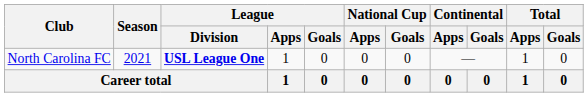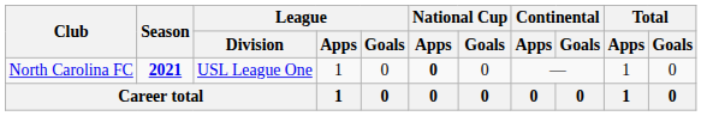 <table class=wikitable style=text-align:center>
 <tr>
 <th rowspan=2>Club</th>
 <th rowspan=2>Season</th>
 <th colspan=3>League</th>
 <th colspan=2>National Cup</th>
 <th colspan=2>Continental</th>
 <th colspan=2>Total</th>
 </tr>
 <tr>
 <th>Division</th>
 <th>Apps</th>
 <th>Goals</th>
 <th>Apps</th>
 <th>Goals</th>
 <th>Apps</th>
 <th>Goals</th>
 <th>Apps</th>
 <th>Goals</th>
 </tr>
 <tr>
 <td rowspan=1><a href='#'>North Carolina FC</a></td>
-<td><a href='#'>2021</a></td>
-<td><strong><a href='#'>USL League One</a></strong></td>
+<td><strong><a href='#'>2021</a></strong></td>
+<td><a href='#'>USL League One</a></td>
 <td>1</td>
 <td>0</td>
-<td>0</td>
+<td><strong>0</strong></td>
 <td>0</td>
 <td colspan=2>—</td>
 <td>1</td>
 <td>0</td>
 </tr>
 <tr>
 <th colspan=3>Career total</th>
 <th>1</th>
 <th>0</th>
 <th>0</th>
 <th>0</th>
 <th>0</th>
 <th>0</th>
 <th>1</th>
 <th>0</th>
 </tr>
 </table>
